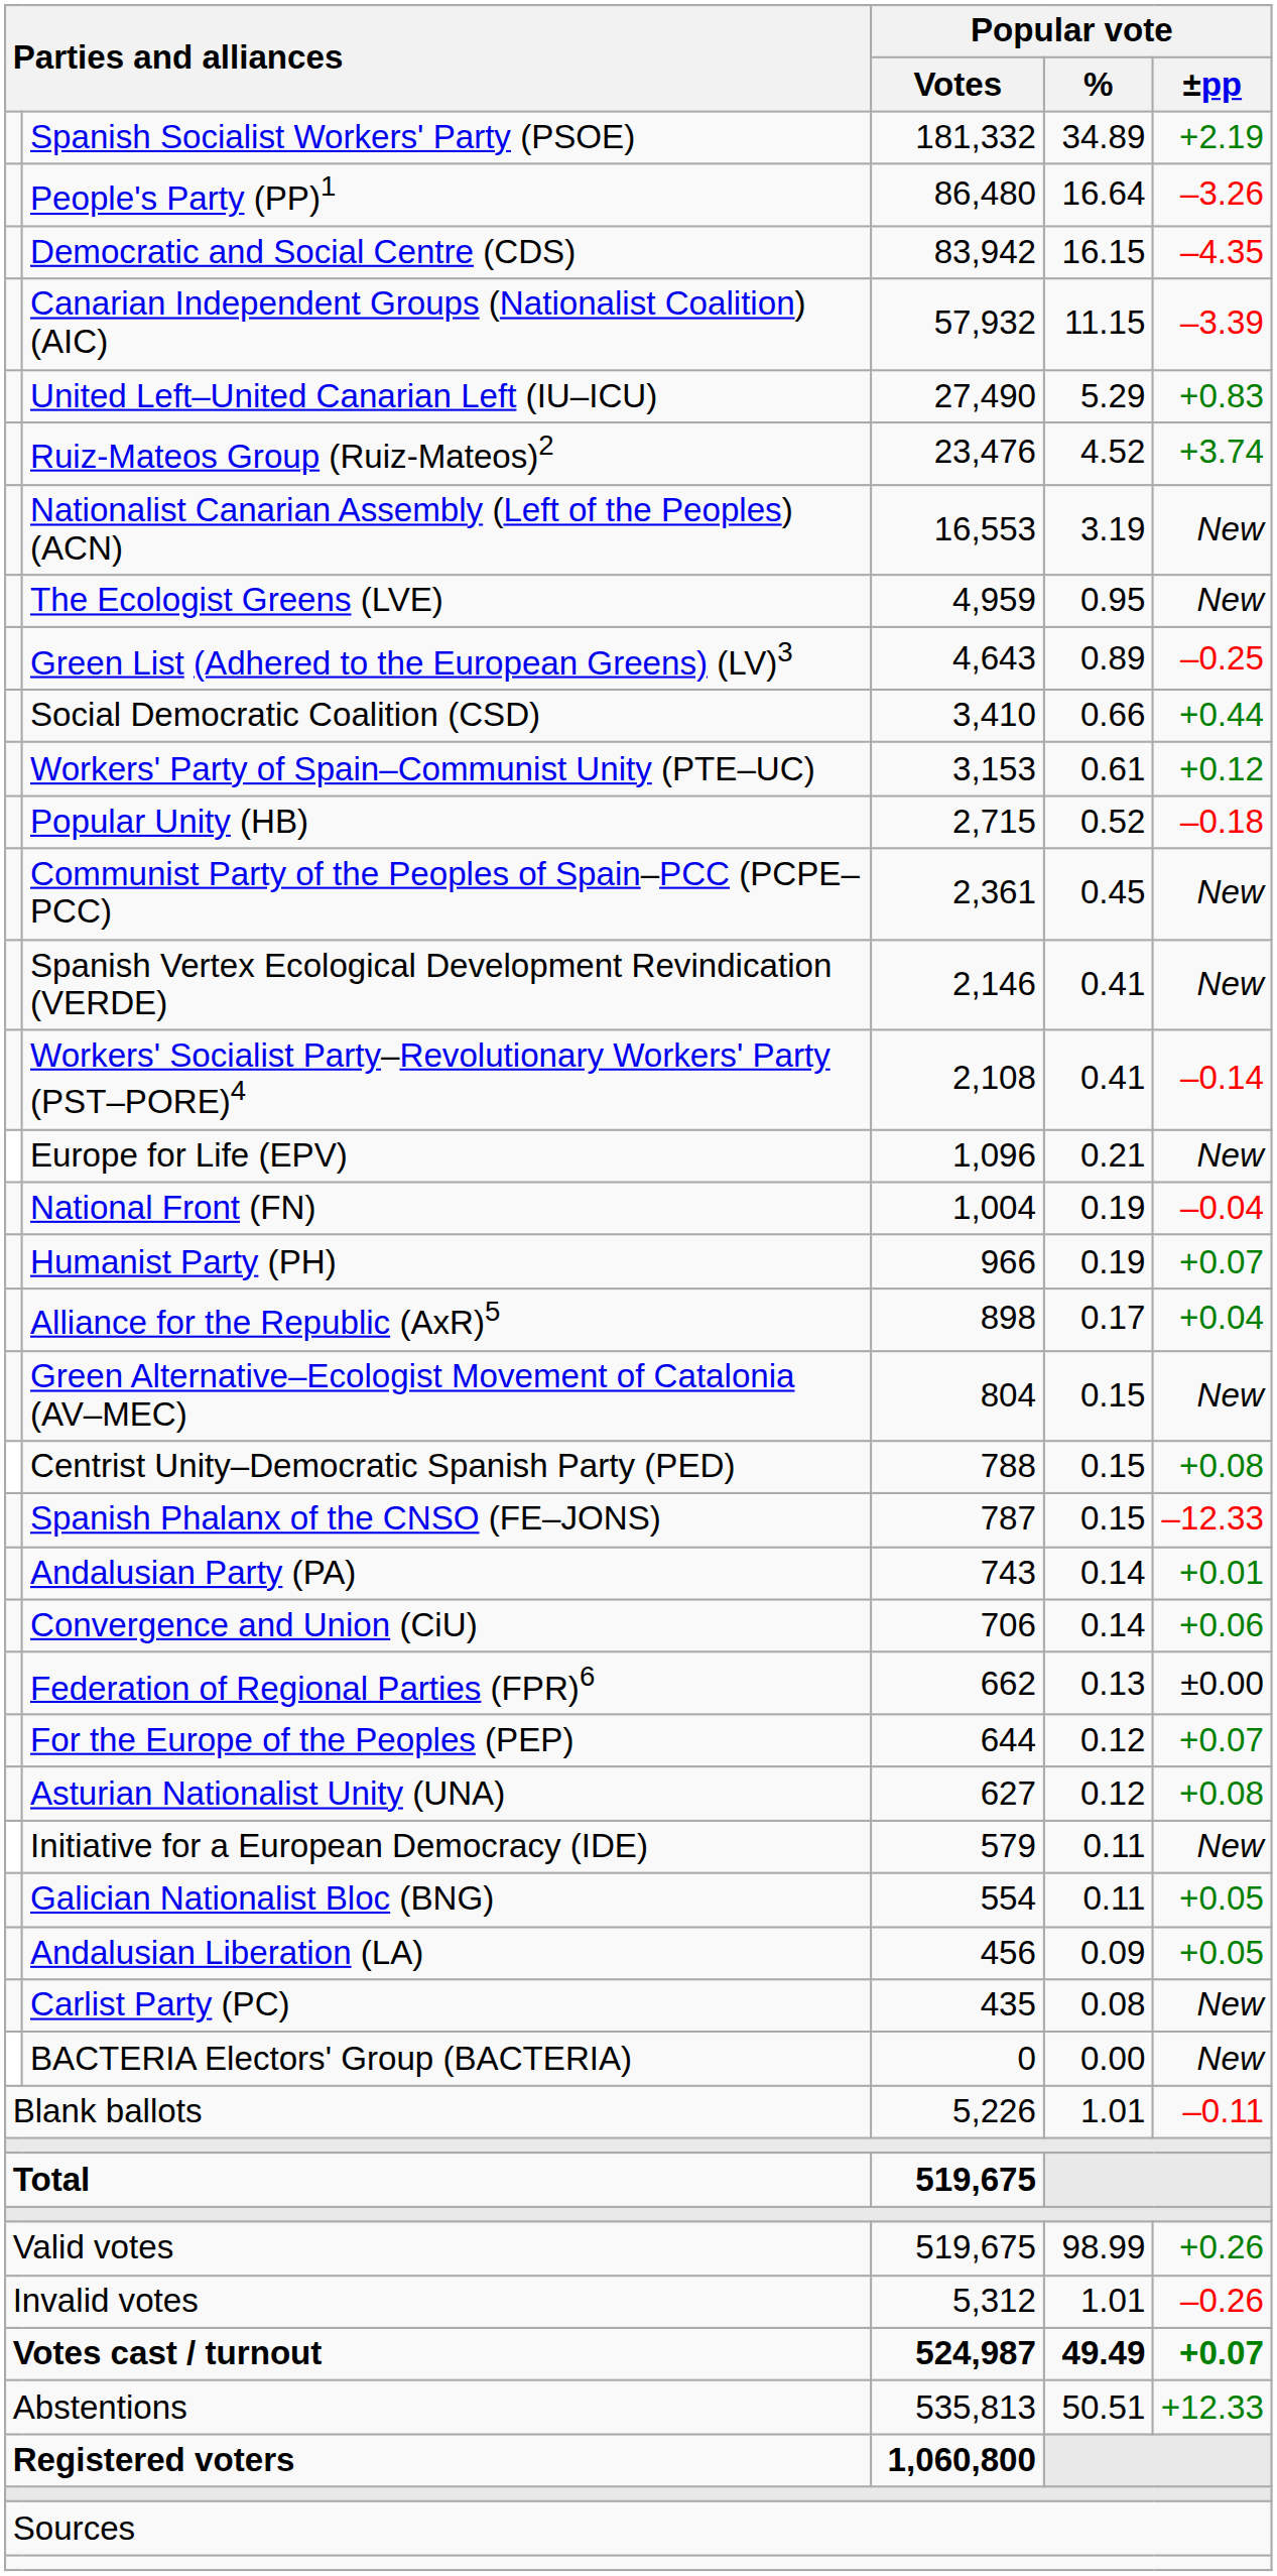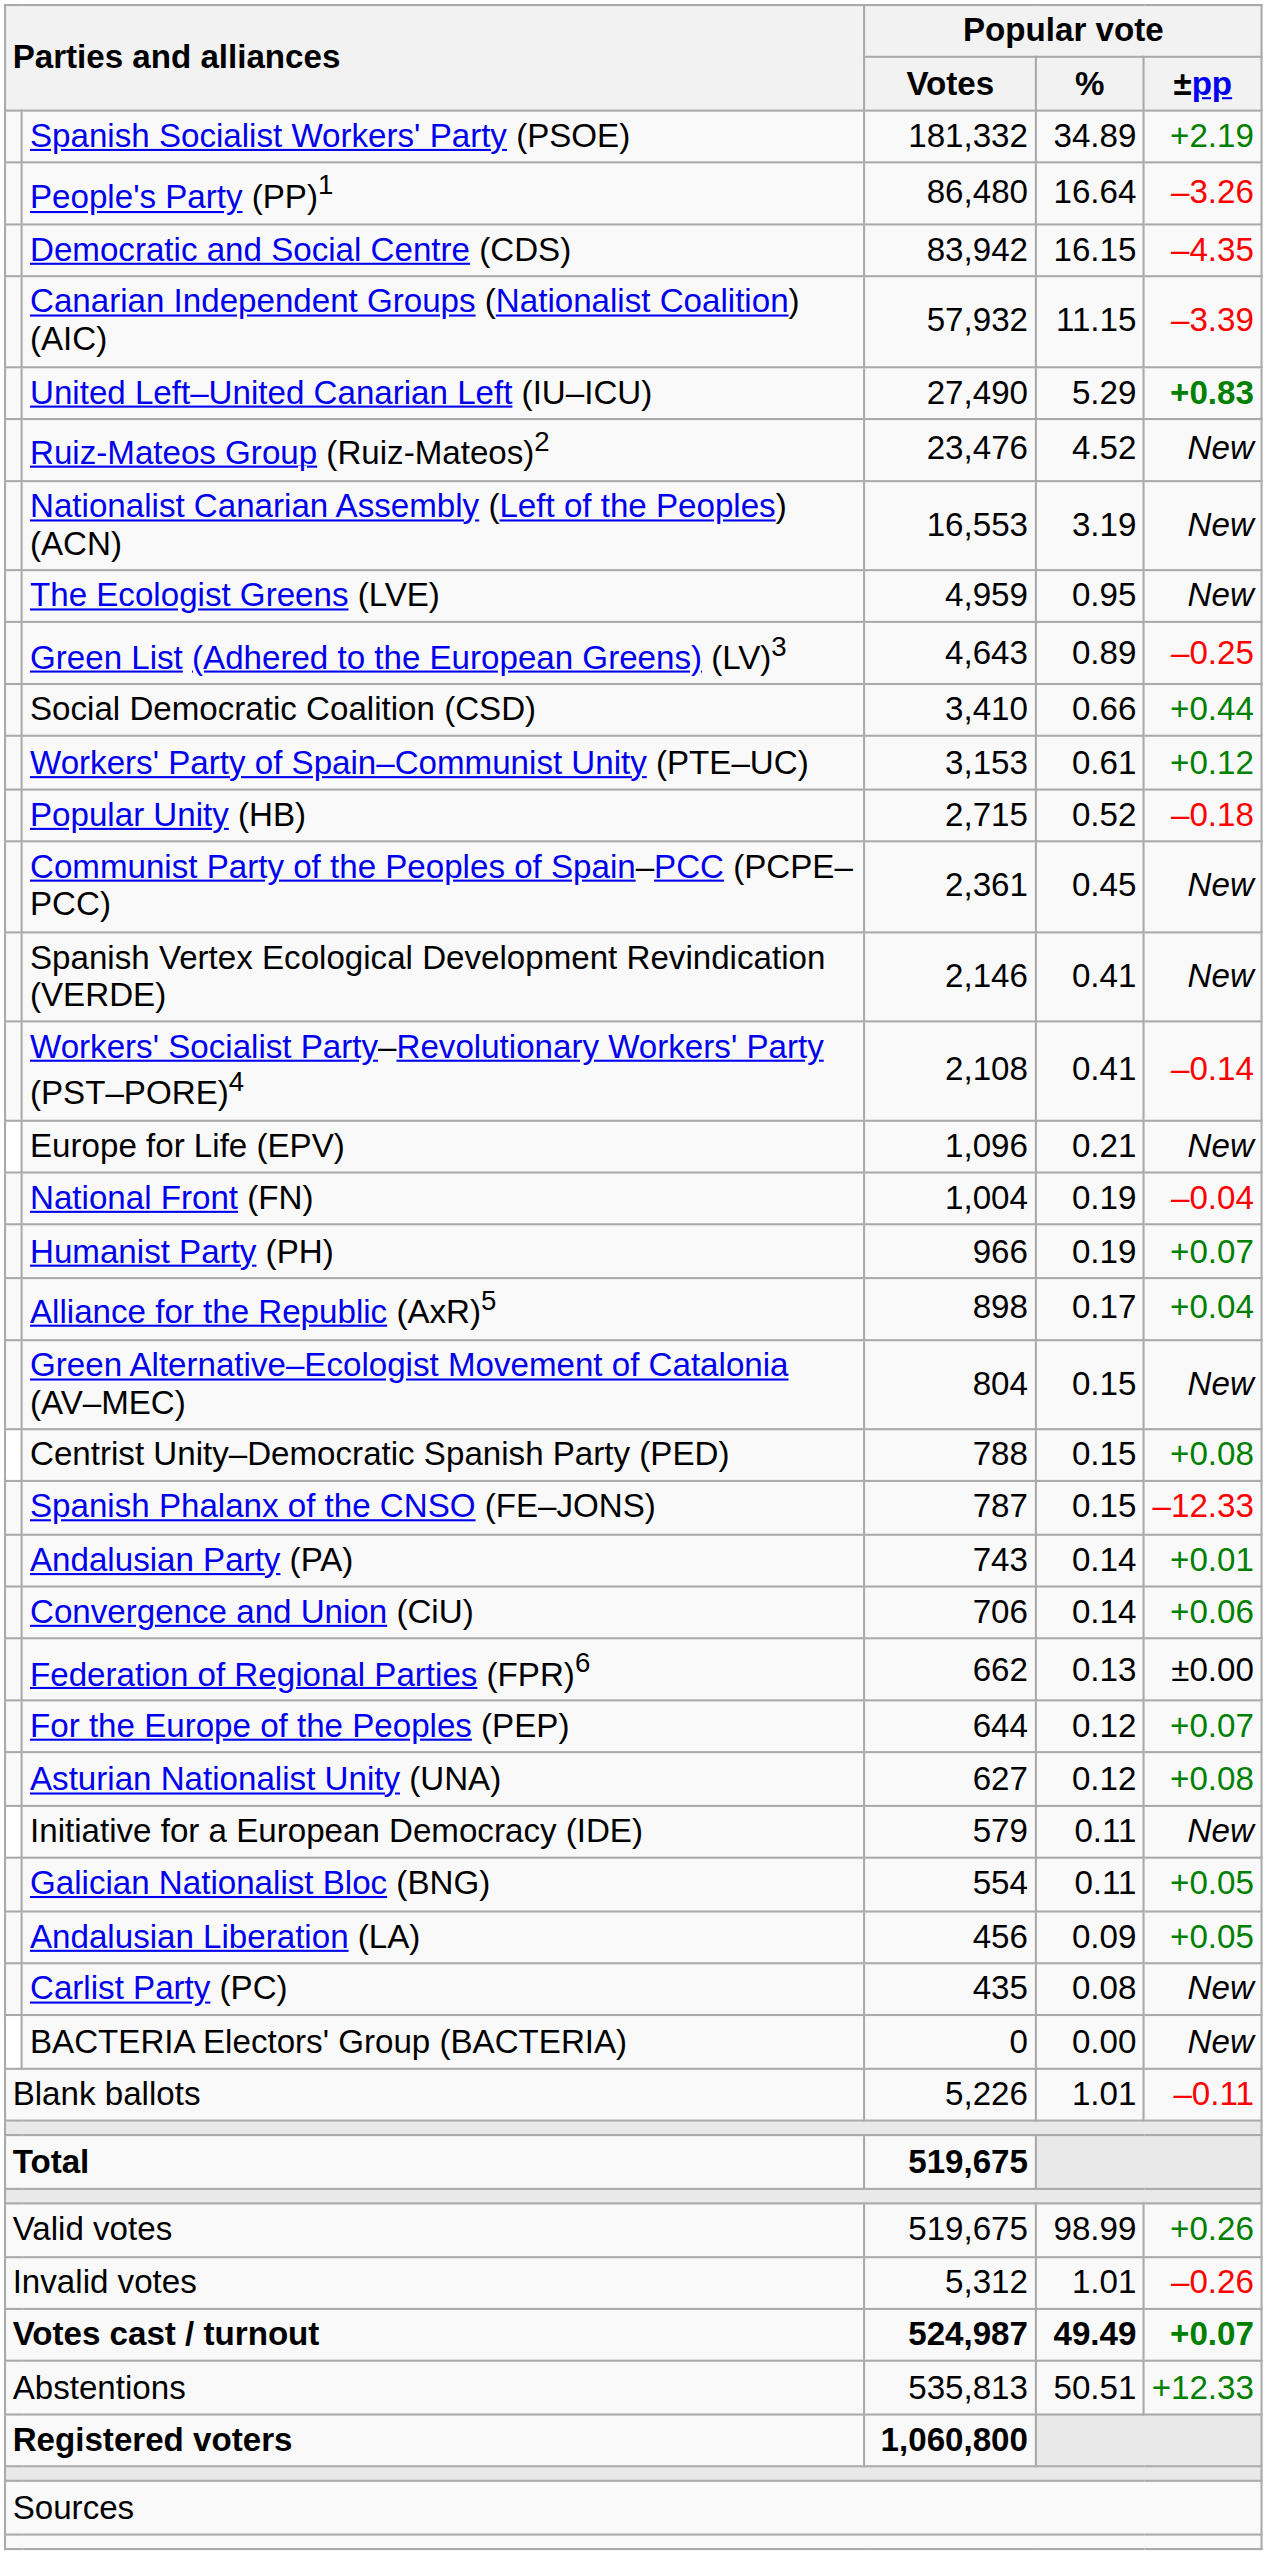 <table class="wikitable" style="text-align:right">
 <tr>
 <th style="text-align:left;" rowspan="2" colspan="2" width="525">Parties and alliances</th>
 <th colspan="3">Popular vote</th>
 </tr>
 <tr>
 <th width="75">Votes</th>
 <th width="45">%</th>
 <th width="45">±<a href='#'>pp</a></th>
 </tr>
 <tr>
 <td width="1" style="color:inherit;background:"></td>
 <td align="left"><a href='#'>Spanish Socialist Workers' Party</a> (PSOE)</td>
 <td>181,332</td>
 <td>34.89</td>
 <td style="color:green;">+2.19</td>
 </tr>
 <tr>
 <td style="color:inherit;background:"></td>
 <td align="left"><a href='#'>People's Party</a> (PP)<sup>1</sup></td>
 <td>86,480</td>
 <td>16.64</td>
 <td style="color:red;">–3.26</td>
 </tr>
 <tr>
 <td style="color:inherit;background:"></td>
 <td align="left"><a href='#'>Democratic and Social Centre</a> (CDS)</td>
 <td>83,942</td>
 <td>16.15</td>
 <td style="color:red;">–4.35</td>
 </tr>
 <tr>
 <td style="color:inherit;background:"></td>
 <td align="left"><a href='#'>Canarian Independent Groups</a> (<a href='#'>Nationalist Coalition</a>) (AIC)</td>
 <td>57,932</td>
 <td>11.15</td>
 <td style="color:red;">–3.39</td>
 </tr>
 <tr>
 <td style="color:inherit;background:"></td>
 <td align="left"><a href='#'>United Left–United Canarian Left</a> (IU–ICU)</td>
 <td>27,490</td>
 <td>5.29</td>
-<td style="color:green;">+0.83</td>
+<td style="color:green;"><strong>+0.83</strong></td>
 </tr>
 <tr>
 <td style="color:inherit;background:"></td>
 <td align="left"><a href='#'>Ruiz-Mateos Group</a> (Ruiz-Mateos)<sup>2</sup></td>
 <td>23,476</td>
 <td>4.52</td>
-<td style="color:green;">+3.74</td>
+<td><em>New</em></td>
 </tr>
 <tr>
 <td style="color:inherit;background:"></td>
 <td align="left"><a href='#'>Nationalist Canarian Assembly</a> (<a href='#'>Left of the Peoples</a>) (ACN)</td>
 <td>16,553</td>
 <td>3.19</td>
 <td><em>New</em></td>
 </tr>
 <tr>
 <td style="color:inherit;background:"></td>
 <td align="left"><a href='#'>The Ecologist Greens</a> (LVE)</td>
 <td>4,959</td>
 <td>0.95</td>
 <td><em>New</em></td>
 </tr>
 <tr>
 <td style="color:inherit;background:"></td>
 <td align="left"><a href='#'>Green List</a> <a href='#'>(Adhered to the European Greens)</a> (LV)<sup>3</sup></td>
 <td>4,643</td>
 <td>0.89</td>
 <td style="color:red;">–0.25</td>
 </tr>
 <tr>
 <td style="color:inherit;background:"></td>
 <td align="left">Social Democratic Coalition (CSD)</td>
 <td>3,410</td>
 <td>0.66</td>
 <td style="color:green;">+0.44</td>
 </tr>
 <tr>
 <td style="color:inherit;background:"></td>
 <td align="left"><a href='#'>Workers' Party of Spain–Communist Unity</a> (PTE–UC)</td>
 <td>3,153</td>
 <td>0.61</td>
 <td style="color:green;">+0.12</td>
 </tr>
 <tr>
 <td style="color:inherit;background:"></td>
 <td align="left"><a href='#'>Popular Unity</a> (HB)</td>
 <td>2,715</td>
 <td>0.52</td>
 <td style="color:red;">–0.18</td>
 </tr>
 <tr>
 <td style="color:inherit;background:"></td>
 <td align="left"><a href='#'>Communist Party of the Peoples of Spain</a>–<a href='#'>PCC</a> (PCPE–PCC)</td>
 <td>2,361</td>
 <td>0.45</td>
 <td><em>New</em></td>
 </tr>
 <tr>
 <td style="color:inherit;background:"></td>
 <td align="left">Spanish Vertex Ecological Development Revindication (VERDE)</td>
 <td>2,146</td>
 <td>0.41</td>
 <td><em>New</em></td>
 </tr>
 <tr>
 <td style="color:inherit;background:"></td>
 <td align="left"><a href='#'>Workers' Socialist Party</a>–<a href='#'>Revolutionary Workers' Party</a> (PST–PORE)<sup>4</sup></td>
 <td>2,108</td>
 <td>0.41</td>
 <td style="color:red;">–0.14</td>
 </tr>
 <tr>
 <td bgcolor="white"></td>
 <td align="left">Europe for Life (EPV)</td>
 <td>1,096</td>
 <td>0.21</td>
 <td><em>New</em></td>
 </tr>
 <tr>
 <td style="color:inherit;background:"></td>
 <td align="left"><a href='#'>National Front</a> (FN)</td>
 <td>1,004</td>
 <td>0.19</td>
 <td style="color:red;">–0.04</td>
 </tr>
 <tr>
 <td style="color:inherit;background:"></td>
 <td align="left"><a href='#'>Humanist Party</a> (PH)</td>
 <td>966</td>
 <td>0.19</td>
 <td style="color:green;">+0.07</td>
 </tr>
 <tr>
 <td style="color:inherit;background:"></td>
 <td align="left"><a href='#'>Alliance for the Republic</a> (AxR)<sup>5</sup></td>
 <td>898</td>
 <td>0.17</td>
 <td style="color:green;">+0.04</td>
 </tr>
 <tr>
 <td style="color:inherit;background:"></td>
 <td align="left"><a href='#'>Green Alternative–Ecologist Movement of Catalonia</a> (AV–MEC)</td>
 <td>804</td>
 <td>0.15</td>
 <td><em>New</em></td>
 </tr>
 <tr>
 <td bgcolor="white"></td>
 <td align="left">Centrist Unity–Democratic Spanish Party (PED)</td>
 <td>788</td>
 <td>0.15</td>
 <td style="color:green;">+0.08</td>
 </tr>
 <tr>
 <td style="color:inherit;background:"></td>
 <td align="left"><a href='#'>Spanish Phalanx of the CNSO</a> (FE–JONS)</td>
 <td>787</td>
 <td>0.15</td>
 <td style="color:red;">–12.33</td>
 </tr>
 <tr>
 <td style="color:inherit;background:"></td>
 <td align="left"><a href='#'>Andalusian Party</a> (PA)</td>
 <td>743</td>
 <td>0.14</td>
 <td style="color:green;">+0.01</td>
 </tr>
 <tr>
 <td style="color:inherit;background:"></td>
 <td align="left"><a href='#'>Convergence and Union</a> (CiU)</td>
 <td>706</td>
 <td>0.14</td>
 <td style="color:green;">+0.06</td>
 </tr>
 <tr>
 <td style="color:inherit;background:"></td>
 <td align="left"><a href='#'>Federation of Regional Parties</a> (FPR)<sup>6</sup></td>
 <td>662</td>
 <td>0.13</td>
 <td>±0.00</td>
 </tr>
 <tr>
 <td style="color:inherit;background:"></td>
 <td align="left"><a href='#'>For the Europe of the Peoples</a> (PEP)</td>
 <td>644</td>
 <td>0.12</td>
 <td style="color:green;">+0.07</td>
 </tr>
 <tr>
 <td style="color:inherit;background:"></td>
 <td align="left"><a href='#'>Asturian Nationalist Unity</a> (UNA)</td>
 <td>627</td>
 <td>0.12</td>
 <td style="color:green;">+0.08</td>
 </tr>
 <tr>
 <td bgcolor="white"></td>
 <td align="left">Initiative for a European Democracy (IDE)</td>
 <td>579</td>
 <td>0.11</td>
 <td><em>New</em></td>
 </tr>
 <tr>
 <td style="color:inherit;background:"></td>
 <td align="left"><a href='#'>Galician Nationalist Bloc</a> (BNG)</td>
 <td>554</td>
 <td>0.11</td>
 <td style="color:green;">+0.05</td>
 </tr>
 <tr>
 <td style="color:inherit;background:"></td>
 <td align="left"><a href='#'>Andalusian Liberation</a> (LA)</td>
 <td>456</td>
 <td>0.09</td>
 <td style="color:green;">+0.05</td>
 </tr>
 <tr>
 <td style="color:inherit;background:"></td>
 <td align="left"><a href='#'>Carlist Party</a> (PC)</td>
 <td>435</td>
 <td>0.08</td>
 <td><em>New</em></td>
 </tr>
 <tr>
 <td bgcolor="white"></td>
 <td align="left">BACTERIA Electors' Group (BACTERIA)</td>
 <td>0</td>
 <td>0.00</td>
 <td><em>New</em></td>
 </tr>
 <tr>
 <td align="left" colspan="2">Blank ballots</td>
 <td>5,226</td>
 <td>1.01</td>
 <td style="color:red;">–0.11</td>
 </tr>
 <tr>
 <td colspan="5" bgcolor="#E9E9E9"></td>
 </tr>
 <tr style="font-weight:bold;">
 <td align="left" colspan="2">Total</td>
 <td>519,675</td>
 <td bgcolor="#E9E9E9" colspan="2"></td>
 </tr>
 <tr>
 <td colspan="5" bgcolor="#E9E9E9"></td>
 </tr>
 <tr>
 <td align="left" colspan="2">Valid votes</td>
 <td>519,675</td>
 <td>98.99</td>
 <td style="color:green;">+0.26</td>
 </tr>
 <tr>
 <td align="left" colspan="2">Invalid votes</td>
 <td>5,312</td>
 <td>1.01</td>
 <td style="color:red;">–0.26</td>
 </tr>
 <tr style="font-weight:bold;">
 <td align="left" colspan="2">Votes cast / turnout</td>
 <td>524,987</td>
 <td>49.49</td>
 <td style="color:green;">+0.07</td>
 </tr>
 <tr>
 <td align="left" colspan="2">Abstentions</td>
 <td>535,813</td>
 <td>50.51</td>
 <td style="color:green;">+12.33</td>
 </tr>
 <tr style="font-weight:bold;">
 <td align="left" colspan="2">Registered voters</td>
 <td>1,060,800</td>
 <td bgcolor="#E9E9E9" colspan="2"></td>
 </tr>
 <tr>
 <td colspan="5" bgcolor="#E9E9E9"></td>
 </tr>
 <tr>
 <td align="left" colspan="5">Sources</td>
 </tr>
 <tr>
 <td colspan="5" style="text-align:left; max-width:680px;"></td>
 </tr>
 </table>
